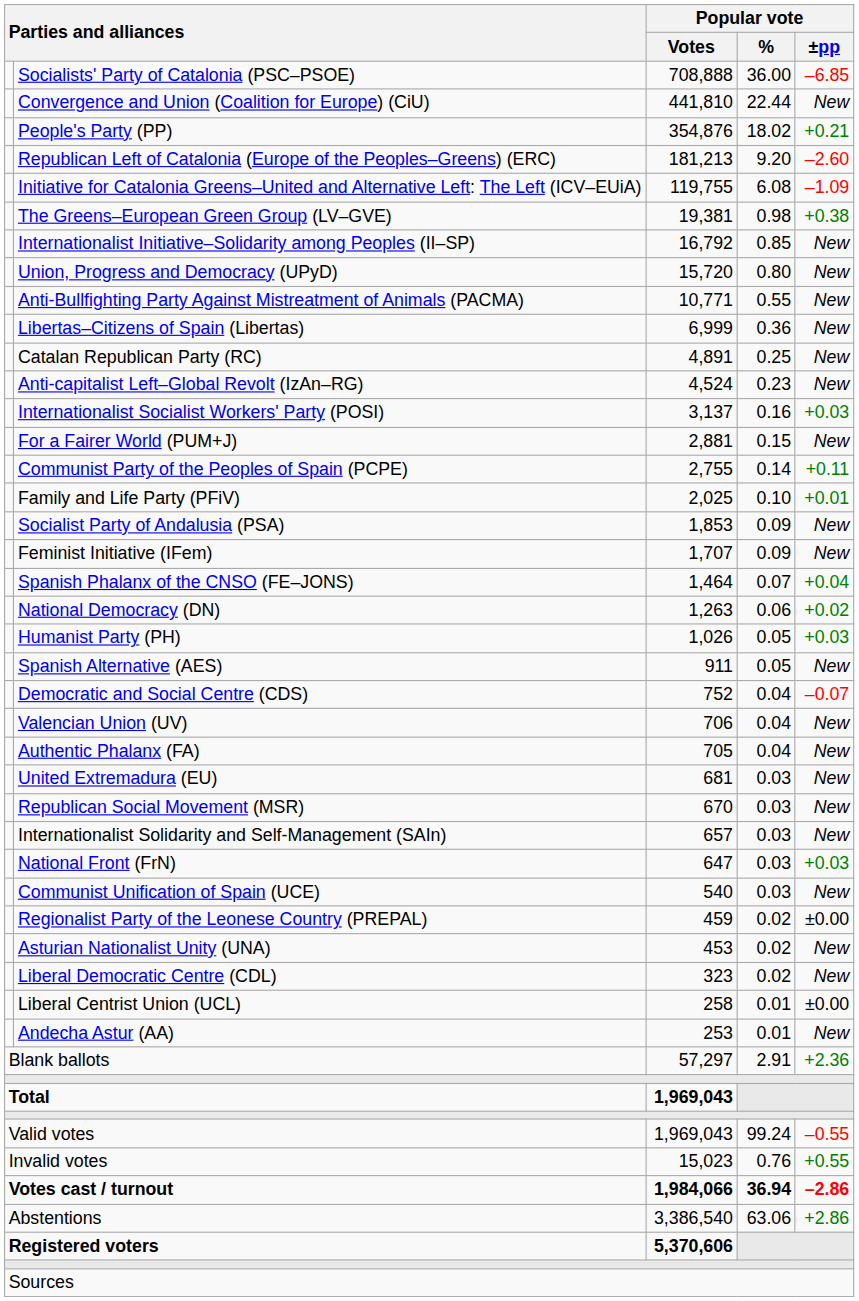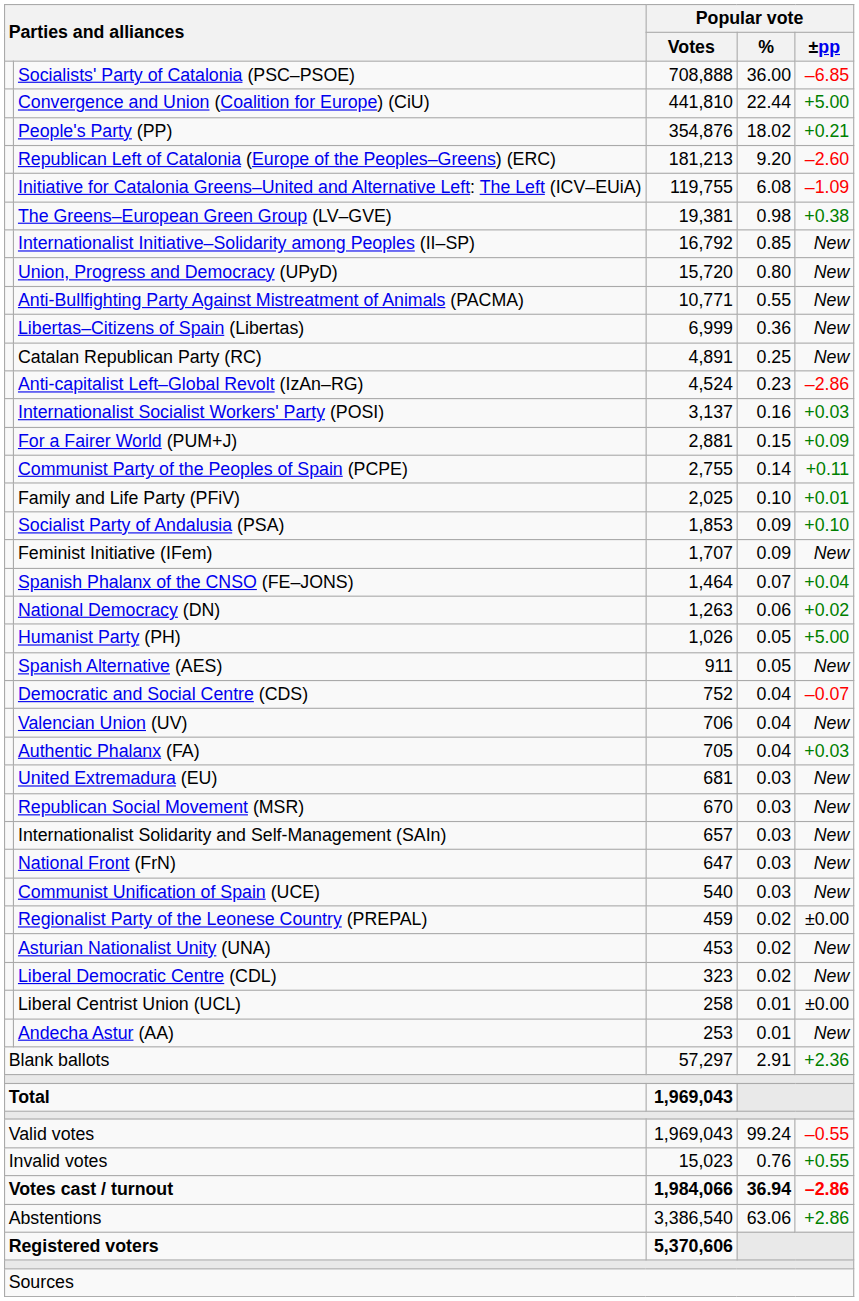 <table class="wikitable" style="text-align:right">
 <tr>
 <th style="text-align:left;" rowspan="2" colspan="2" width="525">Parties and alliances</th>
 <th colspan="3">Popular vote</th>
 </tr>
 <tr>
 <th width="75">Votes</th>
 <th width="45">%</th>
 <th width="45">±<a href='#'>pp</a></th>
 </tr>
 <tr>
 <td width="1" style="color:inherit;background:"></td>
 <td align="left"><a href='#'>Socialists' Party of Catalonia</a> (PSC–PSOE)</td>
 <td>708,888</td>
 <td>36.00</td>
 <td style="color:red;">–6.85</td>
 </tr>
 <tr>
 <td style="color:inherit;background:"></td>
 <td align="left"><a href='#'>Convergence and Union</a> (<a href='#'>Coalition for Europe</a>) (CiU)</td>
 <td>441,810</td>
 <td>22.44</td>
-<td><em>New</em></td>
+<td style="color:green;">+5.00</td>
 </tr>
 <tr>
 <td style="color:inherit;background:"></td>
 <td align="left"><a href='#'>People's Party</a> (PP)</td>
 <td>354,876</td>
 <td>18.02</td>
 <td style="color:green;">+0.21</td>
 </tr>
 <tr>
 <td style="color:inherit;background:"></td>
 <td align="left"><a href='#'>Republican Left of Catalonia</a> (<a href='#'>Europe of the Peoples–Greens</a>) (ERC)</td>
 <td>181,213</td>
 <td>9.20</td>
 <td style="color:red;">–2.60</td>
 </tr>
 <tr>
 <td style="color:inherit;background:"></td>
 <td align="left"><a href='#'>Initiative for Catalonia Greens–United and Alternative Left</a>: <a href='#'>The Left</a> (ICV–EUiA)</td>
 <td>119,755</td>
 <td>6.08</td>
 <td style="color:red;">–1.09</td>
 </tr>
 <tr>
 <td style="color:inherit;background:"></td>
 <td align="left"><a href='#'>The Greens–European Green Group</a> (LV–GVE)</td>
 <td>19,381</td>
 <td>0.98</td>
 <td style="color:green;">+0.38</td>
 </tr>
 <tr>
 <td style="color:inherit;background:"></td>
 <td align="left"><a href='#'>Internationalist Initiative–Solidarity among Peoples</a> (II–SP)</td>
 <td>16,792</td>
 <td>0.85</td>
 <td><em>New</em></td>
 </tr>
 <tr>
 <td style="color:inherit;background:"></td>
 <td align="left"><a href='#'>Union, Progress and Democracy</a> (UPyD)</td>
 <td>15,720</td>
 <td>0.80</td>
 <td><em>New</em></td>
 </tr>
 <tr>
 <td style="color:inherit;background:"></td>
 <td align="left"><a href='#'>Anti-Bullfighting Party Against Mistreatment of Animals</a> (PACMA)</td>
 <td>10,771</td>
 <td>0.55</td>
 <td><em>New</em></td>
 </tr>
 <tr>
 <td style="color:inherit;background:"></td>
 <td align="left"><a href='#'>Libertas–Citizens of Spain</a> (Libertas)</td>
 <td>6,999</td>
 <td>0.36</td>
 <td><em>New</em></td>
 </tr>
 <tr>
 <td style="color:inherit;background:"></td>
 <td align="left">Catalan Republican Party (RC)</td>
 <td>4,891</td>
 <td>0.25</td>
 <td><em>New</em></td>
 </tr>
 <tr>
 <td style="color:inherit;background:"></td>
 <td align="left"><a href='#'>Anti-capitalist Left–Global Revolt</a> (IzAn–RG)</td>
 <td>4,524</td>
 <td>0.23</td>
-<td><em>New</em></td>
+<td style="color:red;">–2.86</td>
 </tr>
 <tr>
 <td style="color:inherit;background:"></td>
 <td align="left"><a href='#'>Internationalist Socialist Workers' Party</a> (POSI)</td>
 <td>3,137</td>
 <td>0.16</td>
 <td style="color:green;">+0.03</td>
 </tr>
 <tr>
 <td style="color:inherit;background:"></td>
 <td align="left"><a href='#'>For a Fairer World</a> (PUM+J)</td>
 <td>2,881</td>
 <td>0.15</td>
-<td><em>New</em></td>
+<td style="color:green;">+0.09</td>
 </tr>
 <tr>
 <td style="color:inherit;background:"></td>
 <td align="left"><a href='#'>Communist Party of the Peoples of Spain</a> (PCPE)</td>
 <td>2,755</td>
 <td>0.14</td>
 <td style="color:green;">+0.11</td>
 </tr>
 <tr>
 <td style="color:inherit;background:"></td>
 <td align="left">Family and Life Party (PFiV)</td>
 <td>2,025</td>
 <td>0.10</td>
 <td style="color:green;">+0.01</td>
 </tr>
 <tr>
 <td style="color:inherit;background:"></td>
 <td align="left"><a href='#'>Socialist Party of Andalusia</a> (PSA)</td>
 <td>1,853</td>
 <td>0.09</td>
-<td><em>New</em></td>
+<td style="color:green;">+0.10</td>
 </tr>
 <tr>
 <td style="color:inherit;background:"></td>
 <td align="left">Feminist Initiative (IFem)</td>
 <td>1,707</td>
 <td>0.09</td>
 <td><em>New</em></td>
 </tr>
 <tr>
 <td style="color:inherit;background:"></td>
 <td align="left"><a href='#'>Spanish Phalanx of the CNSO</a> (FE–JONS)</td>
 <td>1,464</td>
 <td>0.07</td>
 <td style="color:green;">+0.04</td>
 </tr>
 <tr>
 <td style="color:inherit;background:"></td>
 <td align="left"><a href='#'>National Democracy</a> (DN)</td>
 <td>1,263</td>
 <td>0.06</td>
 <td style="color:green;">+0.02</td>
 </tr>
 <tr>
 <td style="color:inherit;background:"></td>
 <td align="left"><a href='#'>Humanist Party</a> (PH)</td>
 <td>1,026</td>
 <td>0.05</td>
-<td style="color:green;">+0.03</td>
+<td style="color:green;">+5.00</td>
 </tr>
 <tr>
 <td style="color:inherit;background:"></td>
 <td align="left"><a href='#'>Spanish Alternative</a> (AES)</td>
 <td>911</td>
 <td>0.05</td>
 <td><em>New</em></td>
 </tr>
 <tr>
 <td style="color:inherit;background:"></td>
 <td align="left"><a href='#'>Democratic and Social Centre</a> (CDS)</td>
 <td>752</td>
 <td>0.04</td>
 <td style="color:red;">–0.07</td>
 </tr>
 <tr>
 <td style="color:inherit;background:"></td>
 <td align="left"><a href='#'>Valencian Union</a> (UV)</td>
 <td>706</td>
 <td>0.04</td>
 <td><em>New</em></td>
 </tr>
 <tr>
 <td style="color:inherit;background:"></td>
 <td align="left"><a href='#'>Authentic Phalanx</a> (FA)</td>
 <td>705</td>
 <td>0.04</td>
-<td><em>New</em></td>
+<td style="color:green;">+0.03</td>
 </tr>
 <tr>
 <td style="color:inherit;background:"></td>
 <td align="left"><a href='#'>United Extremadura</a> (EU)</td>
 <td>681</td>
 <td>0.03</td>
 <td><em>New</em></td>
 </tr>
 <tr>
 <td style="color:inherit;background:"></td>
 <td align="left"><a href='#'>Republican Social Movement</a> (MSR)</td>
 <td>670</td>
 <td>0.03</td>
 <td><em>New</em></td>
 </tr>
 <tr>
 <td style="color:inherit;background:"></td>
 <td align="left">Internationalist Solidarity and Self-Management (SAIn)</td>
 <td>657</td>
 <td>0.03</td>
 <td><em>New</em></td>
 </tr>
 <tr>
 <td style="color:inherit;background:"></td>
 <td align="left"><a href='#'>National Front</a> (FrN)</td>
 <td>647</td>
 <td>0.03</td>
-<td style="color:green;">+0.03</td>
+<td><em>New</em></td>
 </tr>
 <tr>
 <td style="color:inherit;background:"></td>
 <td align="left"><a href='#'>Communist Unification of Spain</a> (UCE)</td>
 <td>540</td>
 <td>0.03</td>
 <td><em>New</em></td>
 </tr>
 <tr>
 <td style="color:inherit;background:"></td>
 <td align="left"><a href='#'>Regionalist Party of the Leonese Country</a> (PREPAL)</td>
 <td>459</td>
 <td>0.02</td>
 <td>±0.00</td>
 </tr>
 <tr>
 <td style="color:inherit;background:"></td>
 <td align="left"><a href='#'>Asturian Nationalist Unity</a> (UNA)</td>
 <td>453</td>
 <td>0.02</td>
 <td><em>New</em></td>
 </tr>
 <tr>
 <td style="color:inherit;background:"></td>
 <td align="left"><a href='#'>Liberal Democratic Centre</a> (CDL)</td>
 <td>323</td>
 <td>0.02</td>
 <td><em>New</em></td>
 </tr>
 <tr>
 <td style="color:inherit;background:"></td>
 <td align="left">Liberal Centrist Union (UCL)</td>
 <td>258</td>
 <td>0.01</td>
 <td>±0.00</td>
 </tr>
 <tr>
 <td style="color:inherit;background:"></td>
 <td align="left"><a href='#'>Andecha Astur</a> (AA)</td>
 <td>253</td>
 <td>0.01</td>
 <td><em>New</em></td>
 </tr>
 <tr>
 <td align="left" colspan="2">Blank ballots</td>
 <td>57,297</td>
 <td>2.91</td>
 <td style="color:green;">+2.36</td>
 </tr>
 <tr>
 <td colspan="5" bgcolor="#E9E9E9"></td>
 </tr>
 <tr style="font-weight:bold;">
 <td align="left" colspan="2">Total</td>
 <td>1,969,043</td>
 <td bgcolor="#E9E9E9" colspan="2"></td>
 </tr>
 <tr>
 <td colspan="5" bgcolor="#E9E9E9"></td>
 </tr>
 <tr>
 <td align="left" colspan="2">Valid votes</td>
 <td>1,969,043</td>
 <td>99.24</td>
 <td style="color:red;">–0.55</td>
 </tr>
 <tr>
 <td align="left" colspan="2">Invalid votes</td>
 <td>15,023</td>
 <td>0.76</td>
 <td style="color:green;">+0.55</td>
 </tr>
 <tr style="font-weight:bold;">
 <td align="left" colspan="2">Votes cast / turnout</td>
 <td>1,984,066</td>
 <td>36.94</td>
 <td style="color:red;">–2.86</td>
 </tr>
 <tr>
 <td align="left" colspan="2">Abstentions</td>
 <td>3,386,540</td>
 <td>63.06</td>
 <td style="color:green;">+2.86</td>
 </tr>
 <tr style="font-weight:bold;">
 <td align="left" colspan="2">Registered voters</td>
 <td>5,370,606</td>
 <td bgcolor="#E9E9E9" colspan="2"></td>
 </tr>
 <tr>
 <td colspan="5" bgcolor="#E9E9E9"></td>
 </tr>
 <tr>
 <td align="left" colspan="5">Sources</td>
 </tr>
 </table>
